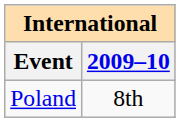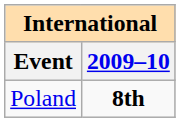 <table class="wikitable" style="text-align:center">
 <tr>
 <th colspan="2" style="background-color: #ffdead; " align="center">International</th>
 </tr>
 <tr>
 <th>Event</th>
 <th><a href='#'>2009–10</a></th>
 </tr>
 <tr>
 <td align=left> <a href='#'>Poland</a></td>
-<td>8th</td>
+<td><strong>8th</strong></td>
 </tr>
 </table>
